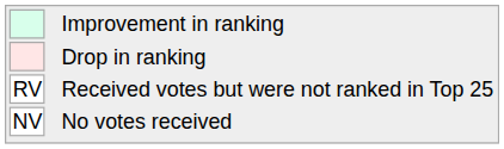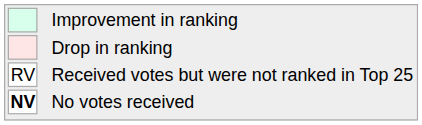 <table align=right style="font-size:90%; border:1px solid #aaaaaa; white-space:nowrap; background:#eeeeee;">
 <tr>
 <td style="background:#d8ffeb; width:20px; border:1px solid #aaaaaa;"> </td>
 <td rowspan=5> </td>
 <td>Improvement in ranking</td>
 </tr>
 <tr>
 <td style="background:#ffe6e6; width:20px; border:1px solid #aaaaaa;"> </td>
 <td>Drop in ranking</td>
 </tr>
 <tr>
 <td align=center style="width:20px; border:1px solid #aaaaaa; background:white;">RV</td>
 <td>Received votes but were not ranked in Top 25</td>
 </tr>
 <tr>
-<td align=center style="width:20px; border:1px solid #aaaaaa; background:white;">NV</td>
+<td align=center style="width:20px; border:1px solid #aaaaaa; background:white;"><strong>NV</strong></td>
 <td>No votes received</td>
 </tr>
 <tr>
 </tr>
 </table>
